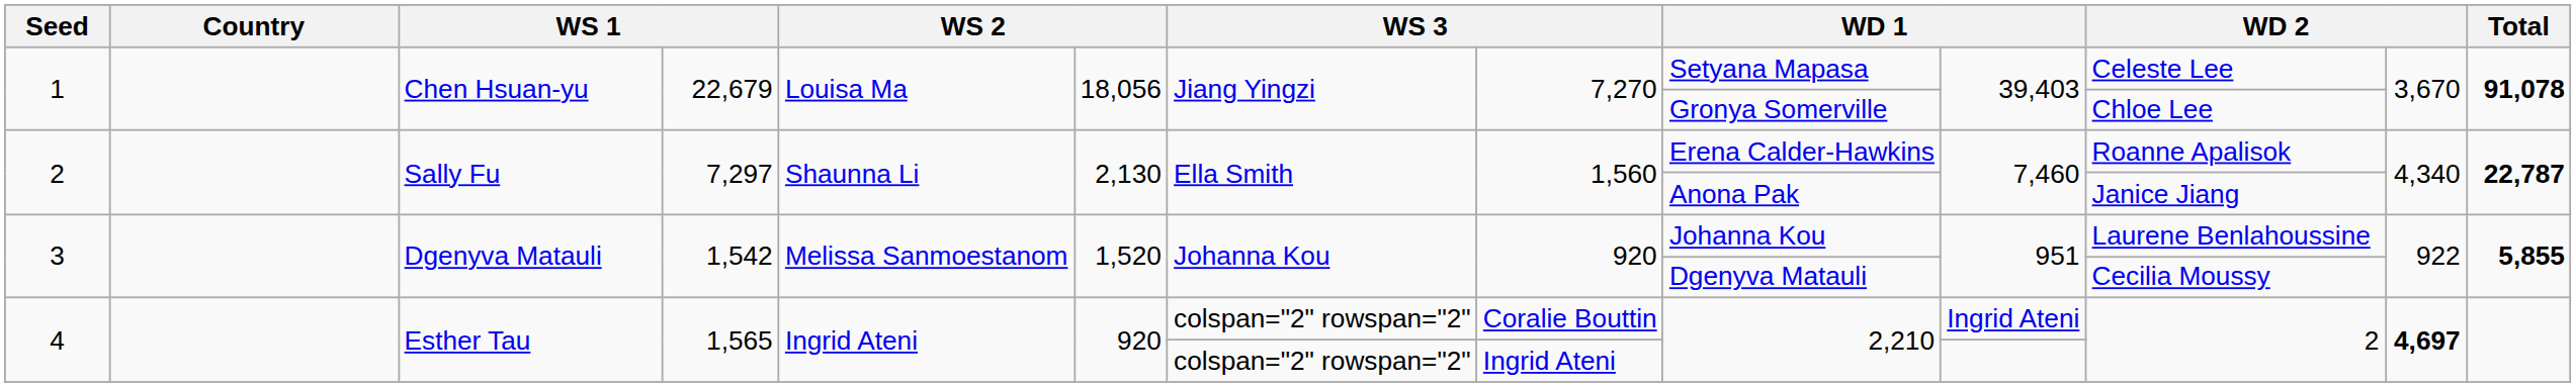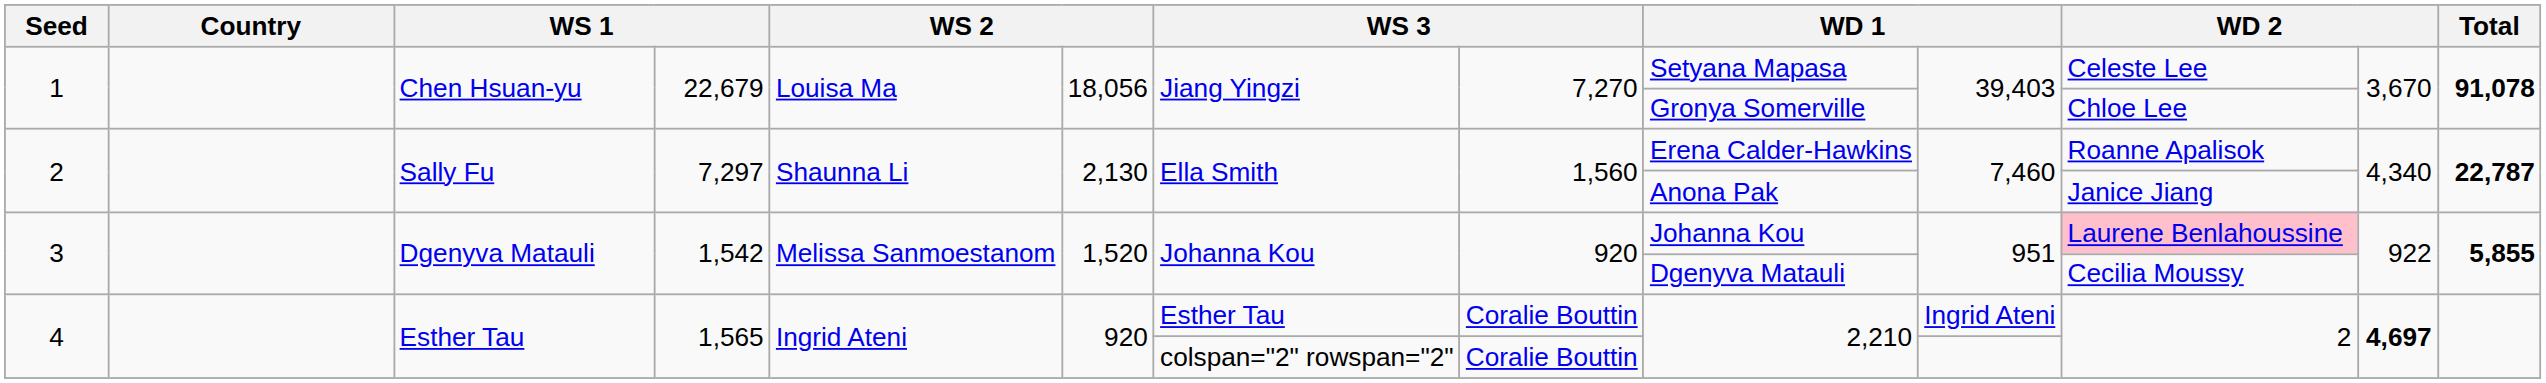 <table class="wikitable" style="font-size:90%; text-align:center">
 <tr>
 <th width="50">Seed</th>
 <th width="150">Country</th>
 <th width="200" colspan="2">WS 1</th>
 <th width="200" colspan="2">WS 2</th>
 <th width="200" colspan="2">WS 3</th>
 <th width="200" colspan="2">WD 1</th>
 <th width="200" colspan="2">WD 2</th>
 <th width="50">Total</th>
 </tr>
 <tr>
 <td rowspan="2">1</td>
 <td align="left" rowspan="2"></td>
 <td align="left" rowspan="2"><a href='#'>Chen Hsuan-yu</a></td>
 <td align="right" rowspan="2">22,679</td>
 <td align="left" rowspan="2"><a href='#'>Louisa Ma</a></td>
 <td align="right" rowspan="2">18,056</td>
 <td align="left" rowspan="2"><a href='#'>Jiang Yingzi</a></td>
 <td align="right" rowspan="2">7,270</td>
 <td align="left"><a href='#'>Setyana Mapasa</a></td>
 <td align="right" rowspan="2">39,403</td>
 <td align="left"><a href='#'>Celeste Lee</a></td>
 <td align="right" rowspan="2">3,670</td>
 <td align="right" rowspan="2"><strong>91,078</strong></td>
 </tr>
 <tr>
 <td align="left"><a href='#'>Gronya Somerville</a></td>
 <td align="left"><a href='#'>Chloe Lee</a></td>
 </tr>
 <tr>
 <td rowspan="2">2</td>
 <td align="left" rowspan="2"></td>
 <td align="left" rowspan="2"><a href='#'>Sally Fu</a></td>
 <td align="right" rowspan="2">7,297</td>
 <td align="left" rowspan="2"><a href='#'>Shaunna Li</a></td>
 <td align="right" rowspan="2">2,130</td>
 <td align="left" rowspan="2"><a href='#'>Ella Smith</a></td>
 <td align="right" rowspan="2">1,560</td>
 <td align="left"><a href='#'>Erena Calder-Hawkins</a></td>
 <td align="right" rowspan="2">7,460</td>
 <td align="left"><a href='#'>Roanne Apalisok</a></td>
 <td align="right" rowspan="2">4,340</td>
 <td align="right" rowspan="2"><strong>22,787</strong></td>
 </tr>
 <tr>
 <td align="left"><a href='#'>Anona Pak</a></td>
 <td align="left"><a href='#'>Janice Jiang</a></td>
 </tr>
 <tr>
 <td rowspan="2">3</td>
 <td align="left" rowspan="2"></td>
 <td align="left" rowspan="2"><a href='#'>Dgenyva Matauli</a></td>
 <td align="right" rowspan="2">1,542</td>
 <td align="left" rowspan="2"><a href='#'>Melissa Sanmoestanom</a></td>
 <td align="right" rowspan="2">1,520</td>
 <td align="left" rowspan="2"><a href='#'>Johanna Kou</a></td>
 <td align="right" rowspan="2">920</td>
 <td align="left"><a href='#'>Johanna Kou</a></td>
 <td align="right" rowspan="2">951</td>
-<td align="left"><a href='#'>Laurene Benlahoussine</a></td>
+<td align="left" style="background: pink;"><a href='#'>Laurene Benlahoussine</a></td>
 <td align="right" rowspan="2">922</td>
 <td align="right" rowspan="2"><strong>5,855</strong></td>
 </tr>
 <tr>
 <td align="left"><a href='#'>Dgenyva Matauli</a></td>
 <td align="left"><a href='#'>Cecilia Moussy</a></td>
 </tr>
 <tr>
 <td rowspan="2">4</td>
 <td align="left" rowspan="2"></td>
 <td align="left" rowspan="2"><a href='#'>Esther Tau</a></td>
 <td align="right" rowspan="2">1,565</td>
 <td align="left" rowspan="2"><a href='#'>Ingrid Ateni</a></td>
 <td align="right" rowspan="2">920</td>
-<td>colspan="2" rowspan="2" </td>
+<td align="left"><a href='#'>Esther Tau</a></td>
 <td align="left"><a href='#'>Coralie Bouttin</a></td>
 <td align="right" rowspan="2">2,210</td>
 <td align="left"><a href='#'>Ingrid Ateni</a></td>
 <td align="right" rowspan="2">2</td>
 <td align="right" rowspan="2"><strong>4,697</strong></td>
 </tr>
 <tr>
 <td>colspan="2" rowspan="2" </td>
-<td align="left"><a href='#'>Ingrid Ateni</a></td>
+<td align="left"><a href='#'>Coralie Bouttin</a></td>
 </tr>
 </table>
